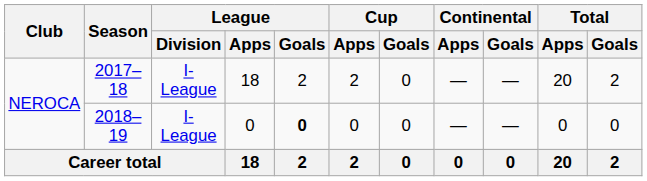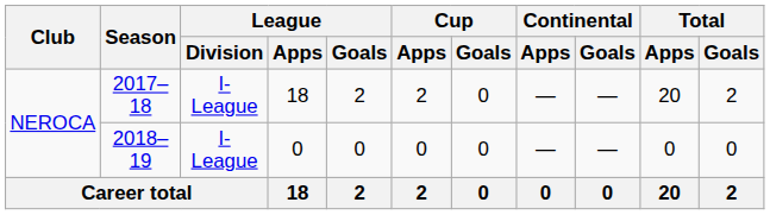 <table class="wikitable" style="text-align: center;">
 <tr>
 <th rowspan="2">Club</th>
 <th rowspan="2">Season</th>
 <th colspan="3">League</th>
 <th colspan="2">Cup</th>
 <th colspan="2">Continental</th>
 <th colspan="2">Total</th>
 </tr>
 <tr>
 <th>Division</th>
 <th>Apps</th>
 <th>Goals</th>
 <th>Apps</th>
 <th>Goals</th>
 <th>Apps</th>
 <th>Goals</th>
 <th>Apps</th>
 <th>Goals</th>
 </tr>
 <tr>
 <td rowspan="2"><a href='#'>NEROCA</a></td>
 <td><a href='#'>2017–18</a></td>
 <td><a href='#'>I-League</a></td>
 <td>18</td>
 <td>2</td>
 <td>2</td>
 <td>0</td>
 <td>—</td>
 <td>—</td>
 <td>20</td>
 <td>2</td>
 </tr>
 <tr>
 <td><a href='#'>2018–19</a></td>
 <td><a href='#'>I-League</a></td>
 <td>0</td>
-<td><strong>0</strong></td>
+<td>0</td>
 <td>0</td>
 <td>0</td>
 <td>—</td>
 <td>—</td>
 <td>0</td>
 <td>0</td>
 </tr>
 <tr>
 <th colspan="3">Career total</th>
 <th>18</th>
 <th>2</th>
 <th>2</th>
 <th>0</th>
 <th>0</th>
 <th>0</th>
 <th>20</th>
 <th>2</th>
 </tr>
 </table>
